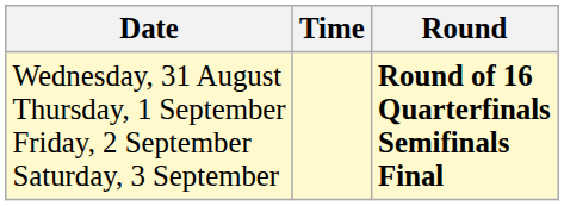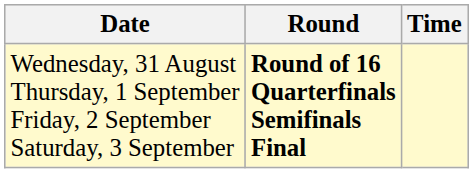 <table class="wikitable">
 <tr>
 <th>Date</th>
+<th>Round</th>
 <th>Time</th>
-<th>Round</th>
 </tr>
 <tr style=background:lemonchiffon>
 <td>Wednesday, 31 August<br>Thursday, 1 September<br>Friday, 2 September<br>Saturday, 3 September</td>
+<td><strong>Round of 16</strong><br><strong>Quarterfinals</strong><br><strong>Semifinals</strong><br><strong>Final</strong></td>
 <td></td>
-<td><strong>Round of 16</strong><br><strong>Quarterfinals</strong><br><strong>Semifinals</strong><br><strong>Final</strong></td>
 </tr>
 </table>
